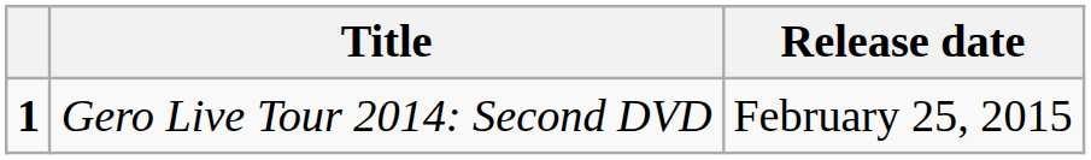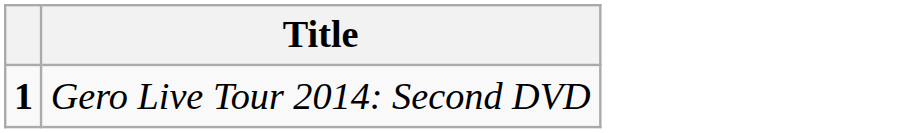 <table class="wikitable">
 <tr>
 <th></th>
 <th>Title</th>
-<th>Release date</th>
 </tr>
 <tr>
 <td><strong>1</strong></td>
 <td><em>Gero Live Tour 2014: Second DVD</em></td>
-<td>February 25, 2015</td>
 </tr>
 </table>
